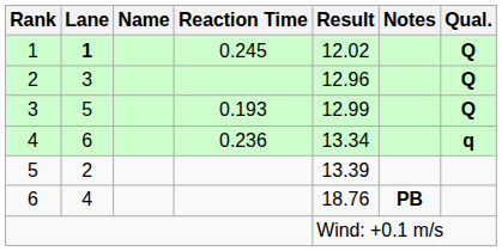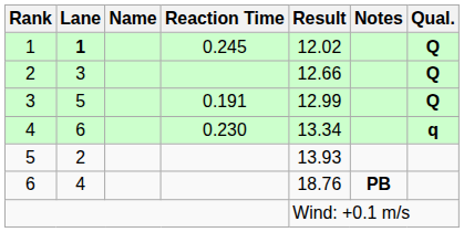 <table class="wikitable" style="text-align:center">
 <tr>
 <th>Rank</th>
 <th>Lane</th>
 <th>Name</th>
 <th>Reaction Time</th>
 <th>Result</th>
 <th>Notes</th>
 <th>Qual.</th>
 </tr>
 <tr bgcolor=ccffcc>
 <td>1</td>
 <td><strong>1</strong></td>
 <td align="left"></td>
 <td>0.245</td>
 <td>12.02</td>
 <td></td>
 <td><strong>Q</strong></td>
 </tr>
 <tr bgcolor=ccffcc>
 <td>2</td>
 <td>3</td>
 <td align="left"></td>
 <td></td>
-<td>12.96</td>
+<td>12.66</td>
 <td></td>
 <td><strong>Q</strong></td>
 </tr>
 <tr bgcolor=ccffcc>
 <td>3</td>
 <td>5</td>
 <td align="left"></td>
-<td>0.193</td>
+<td>0.191</td>
 <td>12.99</td>
 <td></td>
 <td><strong>Q</strong></td>
 </tr>
 <tr bgcolor=ccffcc>
 <td>4</td>
 <td>6</td>
 <td align="left"></td>
-<td>0.236</td>
+<td>0.230</td>
 <td>13.34</td>
 <td></td>
 <td><strong>q</strong></td>
 </tr>
 <tr>
 <td>5</td>
 <td>2</td>
 <td align="left"></td>
 <td></td>
-<td>13.39</td>
+<td>13.93</td>
 <td></td>
 <td></td>
 </tr>
 <tr>
 <td>6</td>
 <td>4</td>
 <td align="left"></td>
 <td></td>
 <td>18.76</td>
 <td><strong>PB</strong></td>
 <td></td>
 </tr>
 <tr class="sortbottom">
 <td colspan=4></td>
 <td colspan="3" style="text-align:left;">Wind: +0.1 m/s</td>
 </tr>
 </table>
